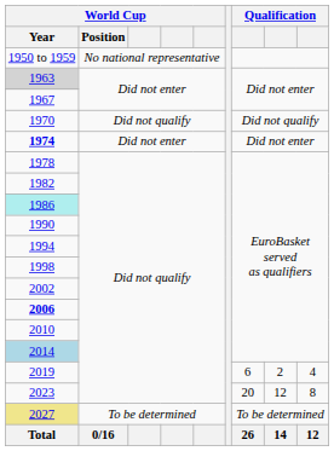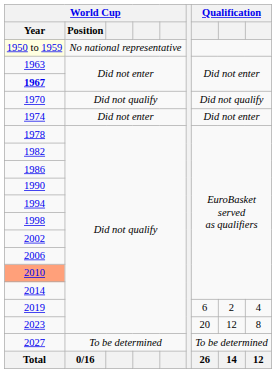 <table class="wikitable" style="text-align: center;font-size:90%;">
 <tr>
 <th colspan=5><a href='#'>World Cup</a></th>
 <th rowspan=21></th>
 <th colspan=3><a href='#'>Qualification</a></th>
 </tr>
 <tr>
 <th>Year</th>
 <th>Position</th>
 <th width=30></th>
 <th width=30></th>
 <th width=30></th>
 <th width=30></th>
 <th width=30></th>
 <th width=30></th>
 </tr>
 <tr>
-<td><a href='#'>1950</a> to <a href='#'>1959</a></td>
+<td style="background: lightyellow;"><a href='#'>1950</a> to <a href='#'>1959</a></td>
 <td colspan=4><em>No national representative</em></td>
 </tr>
 <tr>
-<td style="background: lightgrey;"> <a href='#'>1963</a></td>
+<td> <a href='#'>1963</a></td>
 <td colspan=4 rowspan=2><em>Did not enter</em></td>
 <td colspan=3 rowspan=2><em>Did not enter</em></td>
 </tr>
 <tr>
-<td> <a href='#'>1967</a></td>
+<td><strong> <a href='#'>1967</a></strong></td>
 </tr>
 <tr>
 <td> <a href='#'>1970</a></td>
 <td colspan=4><em>Did not qualify</em></td>
 <td colspan=3><em>Did not qualify</em></td>
 </tr>
 <tr>
-<td><strong> <a href='#'>1974</a></strong></td>
+<td> <a href='#'>1974</a></td>
 <td colspan=4><em>Did not enter</em></td>
 <td colspan=3><em>Did not enter</em></td>
 </tr>
 <tr>
 <td> <a href='#'>1978</a></td>
 <td colspan=4 rowspan=12><em>Did not qualify</em></td>
 <td colspan=3 rowspan=10><em>EuroBasket served<br>as qualifiers</em></td>
 </tr>
 <tr>
 <td> <a href='#'>1982</a></td>
 </tr>
 <tr>
-<td style="background: paleturquoise;"> <a href='#'>1986</a></td>
+<td> <a href='#'>1986</a></td>
 </tr>
 <tr>
 <td> <a href='#'>1990</a></td>
 </tr>
 <tr>
 <td> <a href='#'>1994</a></td>
 </tr>
 <tr>
 <td> <a href='#'>1998</a></td>
 </tr>
 <tr>
 <td> <a href='#'>2002</a></td>
 </tr>
 <tr>
-<td><strong> <a href='#'>2006</a></strong></td>
+<td> <a href='#'>2006</a></td>
 </tr>
 <tr>
-<td> <a href='#'>2010</a></td>
+<td style="background: lightsalmon;"> <a href='#'>2010</a></td>
 </tr>
 <tr>
-<td style="background: lightblue;"> <a href='#'>2014</a></td>
+<td> <a href='#'>2014</a></td>
 </tr>
 <tr>
 <td> <a href='#'>2019</a></td>
 <td>6</td>
 <td>2</td>
 <td>4</td>
 </tr>
 <tr>
 <td> <a href='#'>2023</a></td>
 <td>20</td>
 <td>12</td>
 <td>8</td>
 </tr>
 <tr>
-<td style="background: khaki;"> <a href='#'>2027</a></td>
+<td> <a href='#'>2027</a></td>
 <td colspan=4><em>To be determined</em></td>
 <td colspan=3><em>To be determined</em></td>
 </tr>
 <tr>
 <th>Total</th>
 <th>0/16</th>
 <th></th>
 <th></th>
 <th></th>
 <th>26</th>
 <th>14</th>
 <th>12</th>
 </tr>
 </table>
